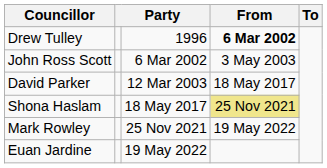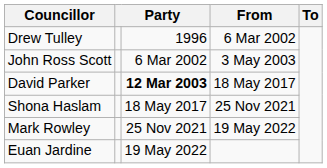 <table class=wikitable>
 <tr>
 <th>Councillor</th>
 <th colspan=2>Party</th>
 <th>From</th>
 <th>To</th>
 </tr>
 <tr>
 <td>Drew Tulley</td>
 <td></td>
 <td align=right>1996</td>
-<td align=right><strong>6 Mar 2002</strong></td>
+<td align=right>6 Mar 2002</td>
 </tr>
 <tr>
 <td>John Ross Scott</td>
 <td></td>
 <td align=right>6 Mar 2002</td>
 <td align=right>3 May 2003</td>
 </tr>
 <tr>
 <td>David Parker</td>
 <td></td>
-<td align=right>12 Mar 2003</td>
+<td align=right><strong>12 Mar 2003</strong></td>
 <td align=right>18 May 2017</td>
 </tr>
 <tr>
 <td>Shona Haslam</td>
 <td></td>
 <td align=right>18 May 2017</td>
-<td align=right style="background: khaki;">25 Nov 2021</td>
+<td align=right>25 Nov 2021</td>
 </tr>
 <tr>
 <td>Mark Rowley</td>
 <td></td>
 <td align=right>25 Nov 2021</td>
 <td align=right>19 May 2022</td>
 </tr>
 <tr>
 <td>Euan Jardine</td>
 <td></td>
 <td align=right>19 May 2022</td>
 <td align=right></td>
 </tr>
 </table>
